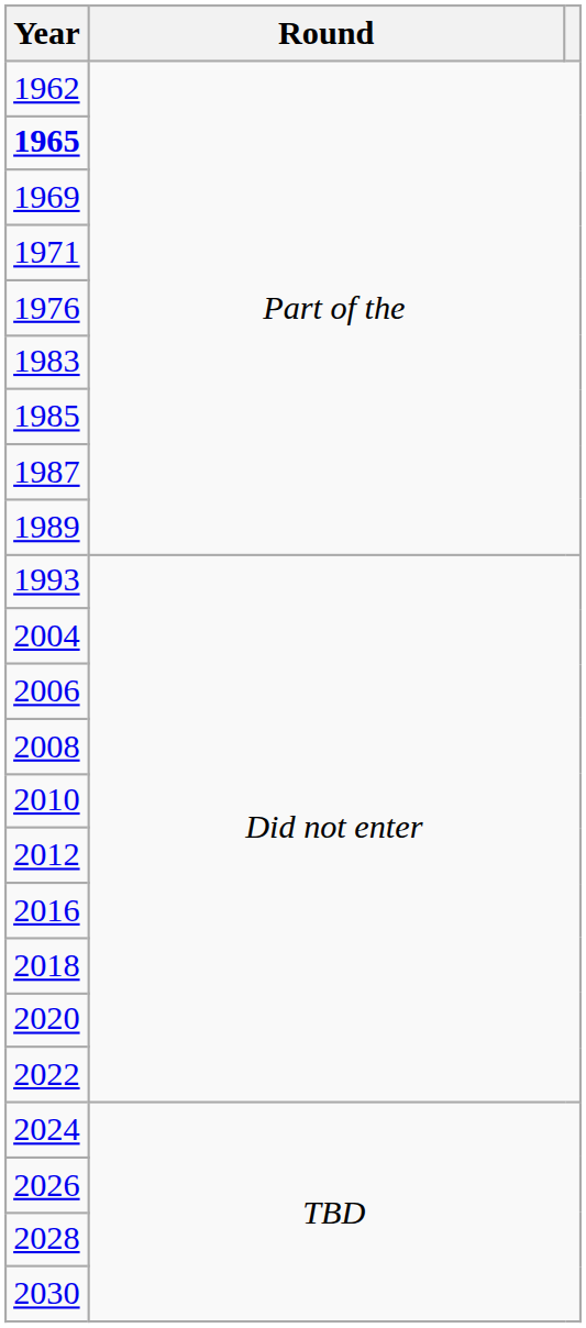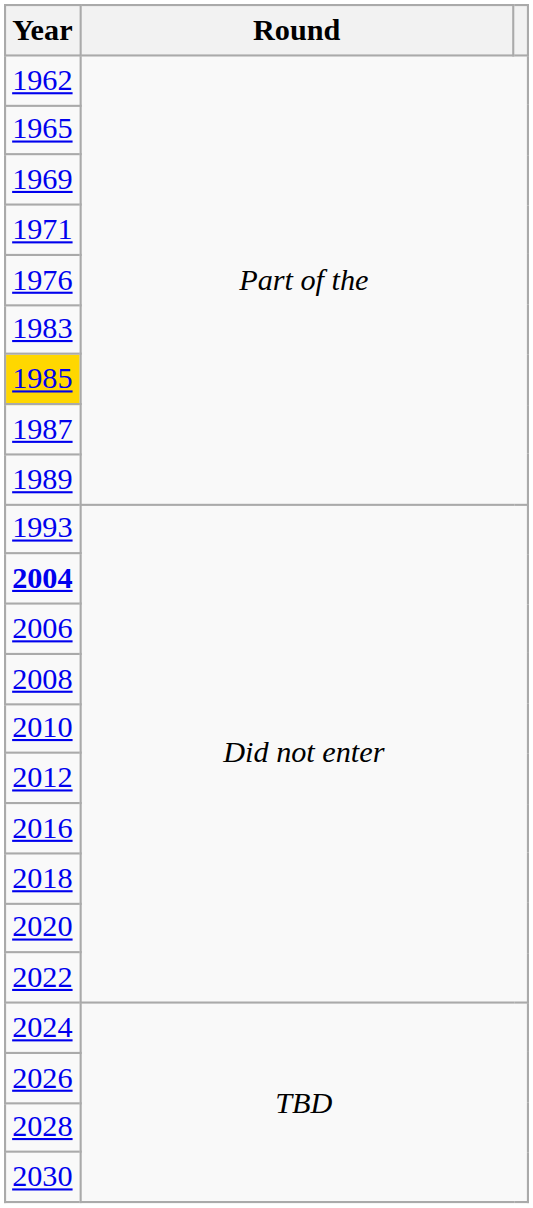 <table class="wikitable" style="text-align: center; font-size:90%">
 <tr>
 <th>Year</th>
 <th style="width:200px">Round</th>
 <th></th>
 </tr>
 <tr>
 <td><a href='#'>1962</a></td>
 <td colspan="2" rowspan="9"><em>Part of the </em></td>
 </tr>
 <tr>
-<td><strong><a href='#'>1965</a></strong></td>
+<td><a href='#'>1965</a></td>
 </tr>
 <tr>
 <td><a href='#'>1969</a></td>
 </tr>
 <tr>
 <td><a href='#'>1971</a></td>
 </tr>
 <tr>
 <td><a href='#'>1976</a></td>
 </tr>
 <tr>
 <td><a href='#'>1983</a></td>
 </tr>
 <tr>
-<td><a href='#'>1985</a></td>
+<td style="background: gold;"><a href='#'>1985</a></td>
 </tr>
 <tr>
 <td><a href='#'>1987</a></td>
 </tr>
 <tr>
 <td><a href='#'>1989</a></td>
 </tr>
 <tr>
 <td><a href='#'>1993</a></td>
 <td colspan="2" rowspan="10"><em>Did not enter</em></td>
 </tr>
 <tr>
-<td><a href='#'>2004</a></td>
+<td><strong><a href='#'>2004</a></strong></td>
 </tr>
 <tr>
 <td><a href='#'>2006</a></td>
 </tr>
 <tr>
 <td><a href='#'>2008</a></td>
 </tr>
 <tr>
 <td><a href='#'>2010</a></td>
 </tr>
 <tr>
 <td><a href='#'>2012</a></td>
 </tr>
 <tr>
 <td><a href='#'>2016</a></td>
 </tr>
 <tr>
 <td><a href='#'>2018</a></td>
 </tr>
 <tr>
 <td><a href='#'>2020</a></td>
 </tr>
 <tr>
 <td><a href='#'>2022</a></td>
 </tr>
 <tr>
 <td><a href='#'>2024</a></td>
 <td colspan="2" rowspan="4"><em>TBD</em></td>
 </tr>
 <tr>
 <td><a href='#'>2026</a></td>
 </tr>
 <tr>
 <td><a href='#'>2028</a></td>
 </tr>
 <tr>
 <td><a href='#'>2030</a></td>
 </tr>
 </table>
